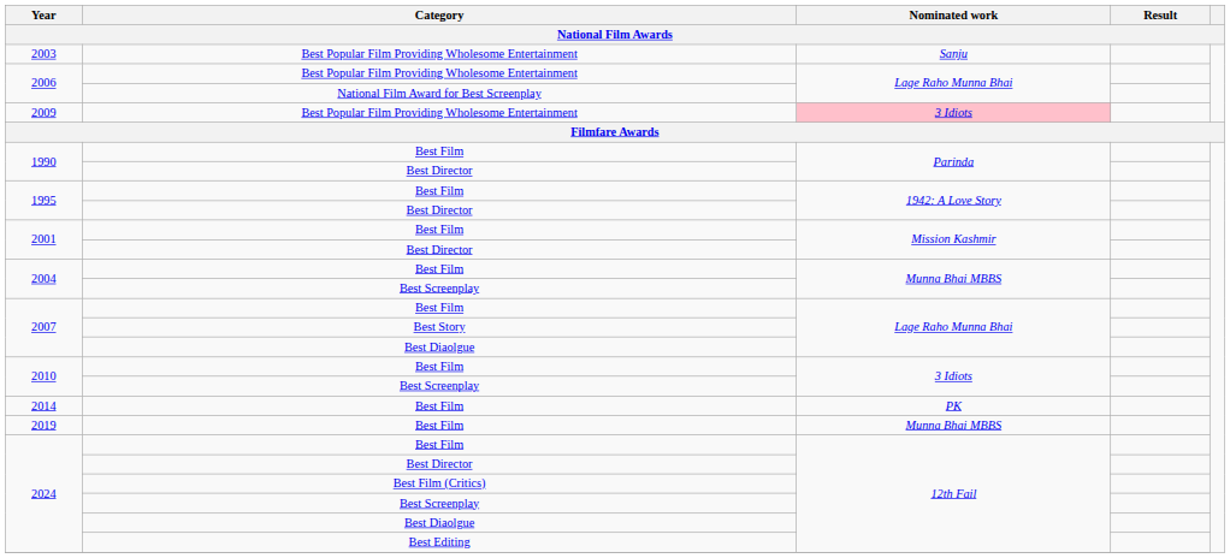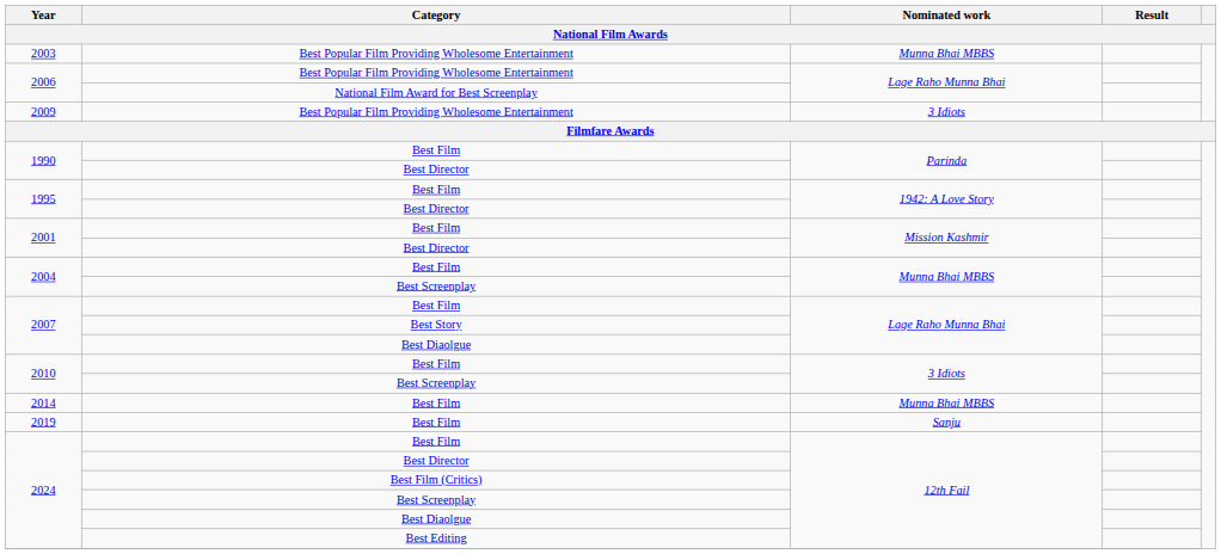 <table class="wikitable sortable" style="width: 100%; text-align: center;">
 <tr>
 <th scope="col">Year</th>
 <th scope="col">Category</th>
 <th scope="col">Nominated work</th>
 <th scope="col">Result</th>
 <th class="unsortable" scope="col"></th>
 </tr>
 <tr>
 <th colspan="6" style="background:FFC1CC;"><a href='#'>National Film Awards</a></th>
 </tr>
 <tr>
 <td rowspan="1"><a href='#'>2003</a></td>
 <td><a href='#'>Best Popular Film Providing Wholesome Entertainment</a></td>
-<td rowspan="1"><em><a href='#'>Sanju</a></em></td>
+<td rowspan="1"><em><a href='#'>Munna Bhai MBBS</a></em></td>
 <td></td>
 </tr>
 <tr>
 <td rowspan="2"><a href='#'>2006</a></td>
 <td><a href='#'>Best Popular Film Providing Wholesome Entertainment</a></td>
 <td rowspan="2"><em><a href='#'>Lage Raho Munna Bhai</a></em></td>
 <td></td>
 </tr>
 <tr>
 <td><a href='#'>National Film Award for Best Screenplay</a></td>
 <td></td>
 </tr>
 <tr>
 <td rowspan="1"><a href='#'>2009</a></td>
 <td><a href='#'>Best Popular Film Providing Wholesome Entertainment</a></td>
-<td rowspan="1" style="background: pink;"><em><a href='#'>3 Idiots</a></em></td>
+<td rowspan="1"><em><a href='#'>3 Idiots</a></em></td>
 <td></td>
 </tr>
 <tr>
 <th colspan="6" style="background:FFC1CC;"><a href='#'>Filmfare Awards</a></th>
 </tr>
 <tr>
 <td rowspan="2"><a href='#'>1990</a></td>
 <td><a href='#'>Best Film</a></td>
 <td rowspan="2"><em><a href='#'>Parinda</a></em></td>
 <td></td>
 </tr>
 <tr>
 <td><a href='#'>Best Director</a></td>
 <td></td>
 </tr>
 <tr>
 <td rowspan="2"><a href='#'>1995</a></td>
 <td><a href='#'>Best Film</a></td>
 <td rowspan="2"><em><a href='#'>1942: A Love Story</a></em></td>
 <td></td>
 </tr>
 <tr>
 <td><a href='#'>Best Director</a></td>
 <td></td>
 </tr>
 <tr>
 <td rowspan="2"><a href='#'>2001</a></td>
 <td><a href='#'>Best Film</a></td>
 <td rowspan="2"><em><a href='#'>Mission Kashmir</a></em></td>
 <td></td>
 </tr>
 <tr>
 <td><a href='#'>Best Director</a></td>
 <td></td>
 </tr>
 <tr>
 <td rowspan="2"><a href='#'>2004</a></td>
 <td><a href='#'>Best Film</a></td>
 <td rowspan="2"><em><a href='#'>Munna Bhai MBBS</a></em></td>
 <td></td>
 </tr>
 <tr>
 <td><a href='#'>Best Screenplay</a></td>
 <td></td>
 </tr>
 <tr>
 <td rowspan="3"><a href='#'>2007</a></td>
 <td><a href='#'>Best Film</a></td>
 <td rowspan="3"><em><a href='#'>Lage Raho Munna Bhai</a></em></td>
 <td></td>
 </tr>
 <tr>
 <td><a href='#'>Best Story</a></td>
 <td></td>
 </tr>
 <tr>
 <td><a href='#'>Best Diaolgue</a></td>
 <td></td>
 </tr>
 <tr>
 <td rowspan="2"><a href='#'>2010</a></td>
 <td><a href='#'>Best Film</a></td>
 <td rowspan="2"><em><a href='#'>3 Idiots</a></em></td>
 <td></td>
 </tr>
 <tr>
 <td><a href='#'>Best Screenplay</a></td>
 <td></td>
 </tr>
 <tr>
 <td rowspan="1"><a href='#'>2014</a></td>
 <td><a href='#'>Best Film</a></td>
-<td rowspan="1"><em><a href='#'>PK</a></em></td>
+<td rowspan="1"><em><a href='#'>Munna Bhai MBBS</a></em></td>
 <td></td>
 </tr>
 <tr>
 <td rowspan="1"><a href='#'>2019</a></td>
 <td><a href='#'>Best Film</a></td>
-<td rowspan="1"><em><a href='#'>Munna Bhai MBBS</a></em></td>
+<td rowspan="1"><em><a href='#'>Sanju</a></em></td>
 <td></td>
 </tr>
 <tr>
 <td rowspan="6"><a href='#'>2024</a></td>
 <td><a href='#'>Best Film</a></td>
 <td rowspan="6"><em><a href='#'>12th Fail</a></em></td>
 <td></td>
 </tr>
 <tr>
 <td><a href='#'>Best Director</a></td>
 <td></td>
 </tr>
 <tr>
 <td><a href='#'>Best Film (Critics)</a></td>
 <td></td>
 </tr>
 <tr>
 <td><a href='#'>Best Screenplay</a></td>
 <td></td>
 </tr>
 <tr>
 <td><a href='#'>Best Diaolgue</a></td>
 <td></td>
 </tr>
 <tr>
 <td><a href='#'>Best Editing</a></td>
 <td></td>
 </tr>
 <tr>
 </tr>
 </table>
